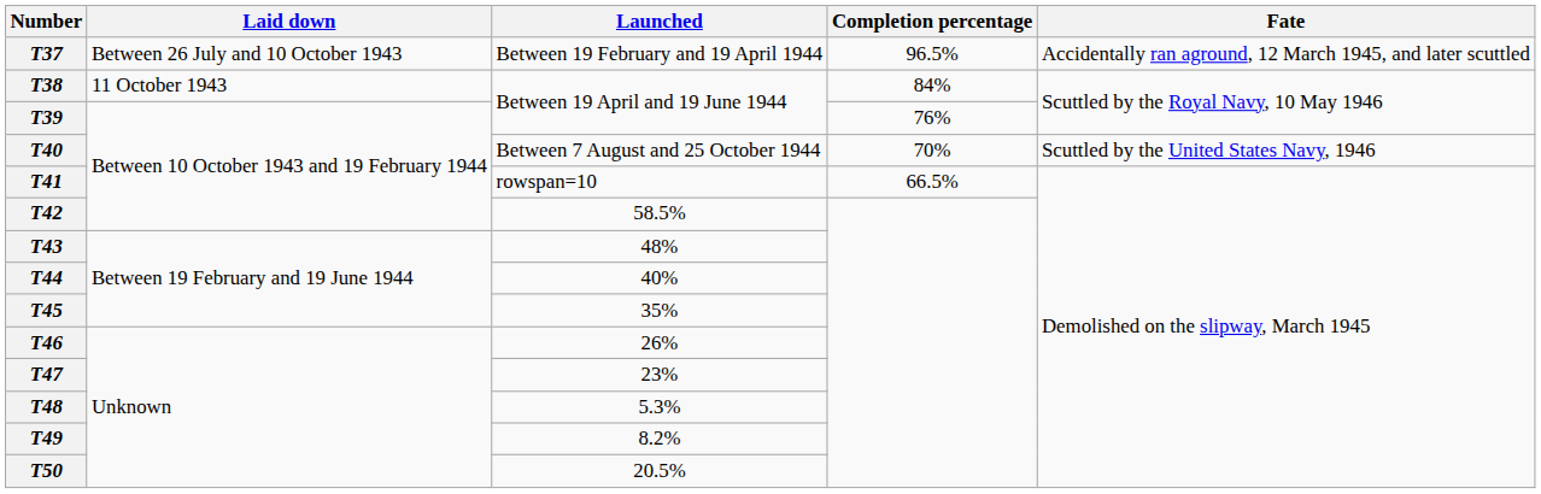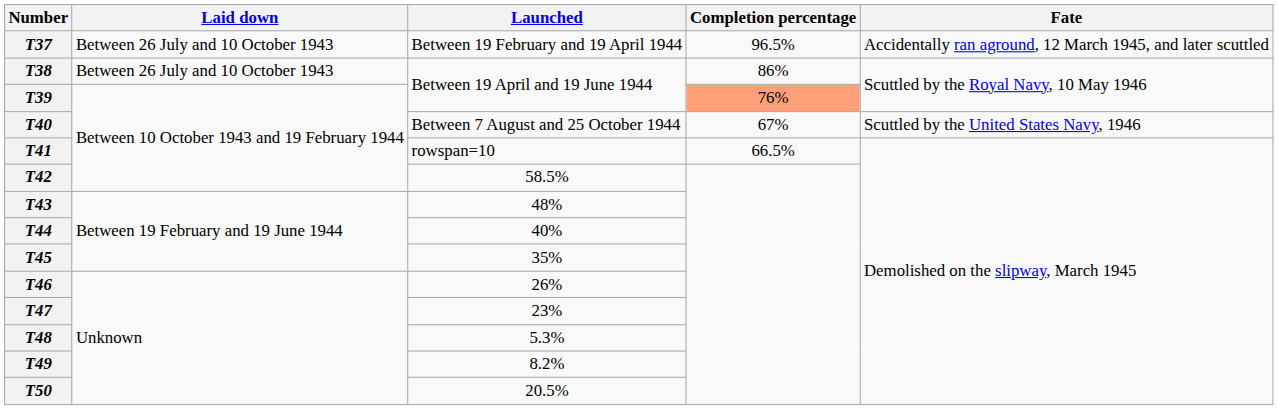 <table class="wikitable plainrowheaders">
 <tr>
 <th scope="col">Number</th>
 <th scope="col"><a href='#'>Laid down</a></th>
 <th scope="col"><a href='#'>Launched</a></th>
 <th scope="col">Completion percentage</th>
 <th scope="col">Fate</th>
 </tr>
 <tr>
 <th scope="row"><em>T37</em></th>
 <td>Between 26 July and 10 October 1943</td>
 <td>Between 19 February and 19 April 1944</td>
 <td style="text-align: center;">96.5%</td>
 <td>Accidentally <a href='#'>ran aground</a>, 12 March 1945, and later scuttled</td>
 </tr>
 <tr>
 <th scope="row"><em>T38</em></th>
-<td>11 October 1943</td>
+<td>Between 26 July and 10 October 1943</td>
 <td rowspan=2>Between 19 April and 19 June 1944</td>
-<td style="text-align: center;">84%</td>
+<td style="text-align: center;">86%</td>
 <td rowspan=2>Scuttled by the <a href='#'>Royal Navy</a>, 10 May 1946</td>
 </tr>
 <tr>
 <th scope="row"><em>T39</em></th>
 <td rowspan=4>Between 10 October 1943 and 19 February 1944</td>
-<td style="text-align: center;">76%</td>
+<td style="background: lightsalmon; text-align: center;">76%</td>
 </tr>
 <tr>
 <th scope="row"><em>T40</em></th>
 <td>Between 7 August and 25 October 1944</td>
-<td style="text-align: center;">70%</td>
+<td style="text-align: center;">67%</td>
 <td>Scuttled by the <a href='#'>United States Navy</a>, 1946</td>
 </tr>
 <tr>
 <th scope="row"><em>T41</em></th>
 <td>rowspan=10 </td>
 <td style="text-align: center;">66.5%</td>
 <td rowspan=10>Demolished on the <a href='#'>slipway</a>, March 1945</td>
 </tr>
 <tr>
 <th scope="row"><em>T42</em></th>
 <td style="text-align: center;">58.5%</td>
 </tr>
 <tr>
 <th scope="row"><em>T43</em></th>
 <td rowspan=3>Between 19 February and 19 June 1944</td>
 <td style="text-align: center;">48%</td>
 </tr>
 <tr>
 <th scope="row"><em>T44</em></th>
 <td style="text-align: center;">40%</td>
 </tr>
 <tr>
 <th scope="row"><em>T45</em></th>
 <td style="text-align: center;">35%</td>
 </tr>
 <tr>
 <th scope="row"><em>T46</em></th>
 <td rowspan=5>Unknown</td>
 <td style="text-align: center;">26%</td>
 </tr>
 <tr>
 <th scope="row"><em>T47</em></th>
 <td style="text-align: center;">23%</td>
 </tr>
 <tr>
 <th scope="row"><em>T48</em></th>
 <td style="text-align: center;">5.3%</td>
 </tr>
 <tr>
 <th scope="row"><em>T49</em></th>
 <td style="text-align: center;">8.2%</td>
 </tr>
 <tr>
 <th scope="row"><em>T50</em></th>
 <td style="text-align: center;">20.5%</td>
 </tr>
 </table>
